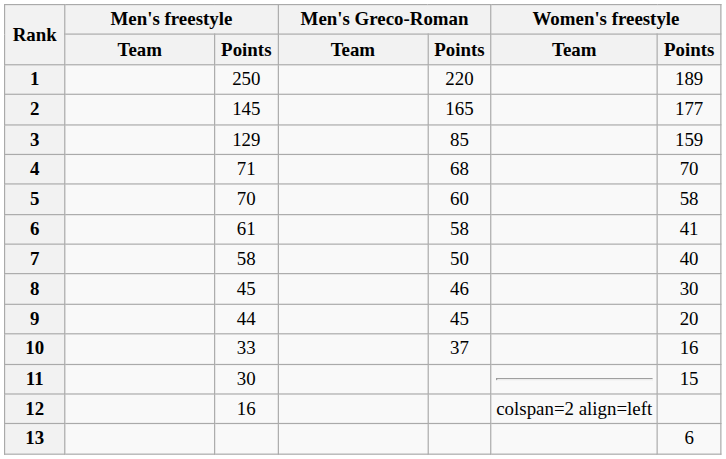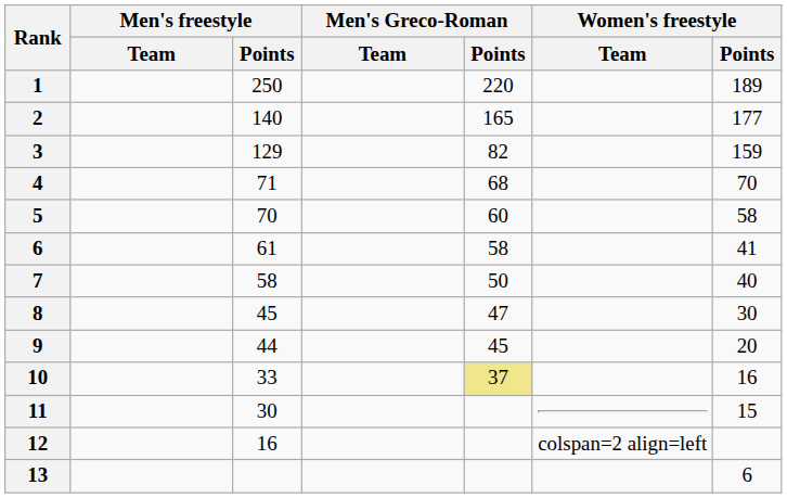 <table class="wikitable" style="text-align:center;">
 <tr>
 <th width=50 rowspan="2">Rank</th>
 <th colspan="2">Men's freestyle</th>
 <th colspan="2">Men's Greco-Roman</th>
 <th colspan="2">Women's freestyle</th>
 </tr>
 <tr>
 <th width=200>Team</th>
 <th width=50>Points</th>
 <th width=200>Team</th>
 <th width=50>Points</th>
 <th width=200>Team</th>
 <th width=50>Points</th>
 </tr>
 <tr>
 <th>1</th>
 <td align=left></td>
 <td>250</td>
 <td align=left></td>
 <td>220</td>
 <td align=left></td>
 <td>189</td>
 </tr>
 <tr>
 <th>2</th>
 <td align=left></td>
-<td>145</td>
+<td>140</td>
 <td align=left></td>
 <td>165</td>
 <td align=left></td>
 <td>177</td>
 </tr>
 <tr>
 <th>3</th>
 <td align=left></td>
 <td>129</td>
 <td align=left></td>
-<td>85</td>
+<td>82</td>
 <td align=left></td>
 <td>159</td>
 </tr>
 <tr>
 <th>4</th>
 <td align=left></td>
 <td>71</td>
 <td align=left></td>
 <td>68</td>
 <td align=left></td>
 <td>70</td>
 </tr>
 <tr>
 <th>5</th>
 <td align=left></td>
 <td>70</td>
 <td align=left></td>
 <td>60</td>
 <td align=left></td>
 <td>58</td>
 </tr>
 <tr>
 <th>6</th>
 <td align=left></td>
 <td>61</td>
 <td align=left></td>
 <td>58</td>
 <td align=left></td>
 <td>41</td>
 </tr>
 <tr>
 <th>7</th>
 <td align=left></td>
 <td>58</td>
 <td align=left></td>
 <td>50</td>
 <td align=left></td>
 <td>40</td>
 </tr>
 <tr>
 <th>8</th>
 <td align=left></td>
 <td>45</td>
 <td align=left></td>
-<td>46</td>
+<td>47</td>
 <td align=left></td>
 <td>30</td>
 </tr>
 <tr>
 <th>9</th>
 <td align=left></td>
 <td>44</td>
 <td align=left></td>
 <td>45</td>
 <td align=left></td>
 <td>20</td>
 </tr>
 <tr>
 <th>10</th>
 <td align=left></td>
 <td>33</td>
 <td align=left></td>
-<td>37</td>
+<td style="background: khaki;">37</td>
 <td align=left></td>
 <td>16</td>
 </tr>
 <tr>
 <th>11</th>
 <td align=left></td>
 <td>30</td>
 <td align=left></td>
 <td></td>
 <td align=left><hr></td>
 <td>15</td>
 </tr>
 <tr>
 <th>12</th>
 <td align=left></td>
 <td>16</td>
 <td align=left></td>
 <td></td>
 <td>colspan=2 align=left </td>
 </tr>
 <tr>
 <th>13</th>
 <td align=left></td>
 <td></td>
 <td align=left></td>
 <td></td>
 <td align=left></td>
 <td>6</td>
 </tr>
 </table>
